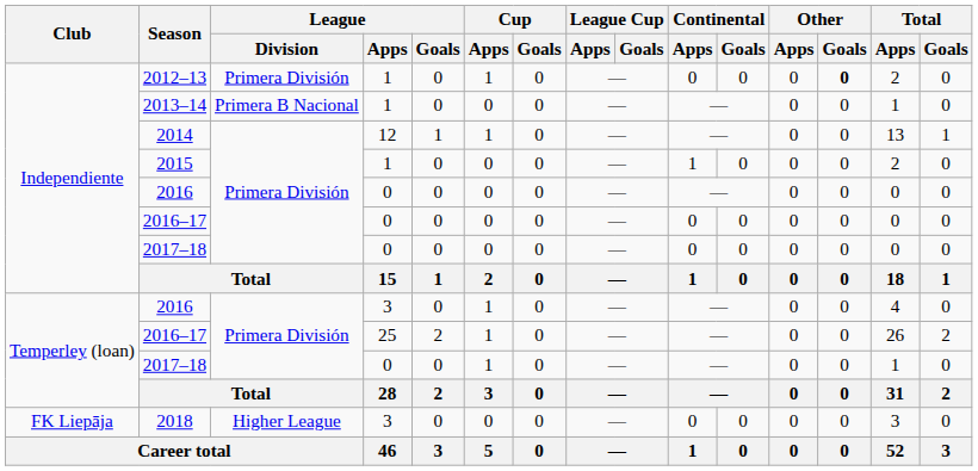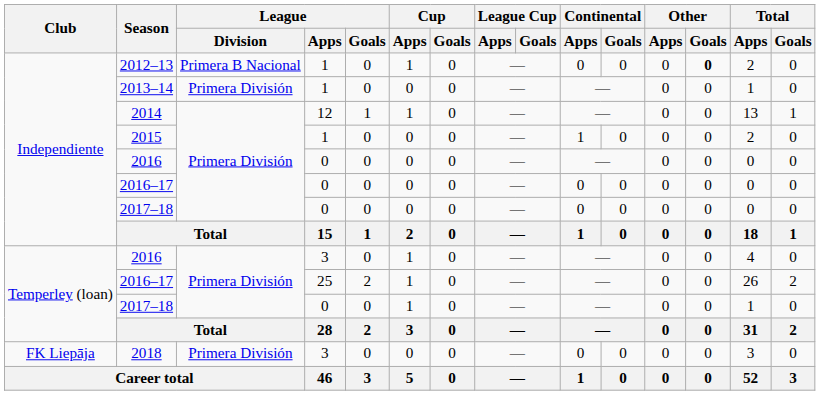 <table class="wikitable" style="text-align:center">
 <tr>
 <th rowspan="2">Club</th>
 <th rowspan="2">Season</th>
 <th colspan="3">League</th>
 <th colspan="2">Cup</th>
 <th colspan="2">League Cup</th>
 <th colspan="2">Continental</th>
 <th colspan="2">Other</th>
 <th colspan="2">Total</th>
 </tr>
 <tr>
 <th>Division</th>
 <th>Apps</th>
 <th>Goals</th>
 <th>Apps</th>
 <th>Goals</th>
 <th>Apps</th>
 <th>Goals</th>
 <th>Apps</th>
 <th>Goals</th>
 <th>Apps</th>
 <th>Goals</th>
 <th>Apps</th>
 <th>Goals</th>
 </tr>
 <tr>
 <td rowspan="8"><a href='#'>Independiente</a></td>
 <td><a href='#'>2012–13</a></td>
-<td rowspan="1"><a href='#'>Primera División</a></td>
+<td rowspan="1"><a href='#'>Primera B Nacional</a></td>
 <td>1</td>
 <td>0</td>
 <td>1</td>
 <td>0</td>
 <td colspan="2">—</td>
 <td>0</td>
 <td>0</td>
 <td>0</td>
 <td><strong>0</strong></td>
 <td>2</td>
 <td>0</td>
 </tr>
 <tr>
 <td><a href='#'>2013–14</a></td>
-<td rowspan="1"><a href='#'>Primera B Nacional</a></td>
+<td rowspan="1"><a href='#'>Primera División</a></td>
 <td>1</td>
 <td>0</td>
 <td>0</td>
 <td>0</td>
 <td colspan="2">—</td>
 <td colspan="2">—</td>
 <td>0</td>
 <td>0</td>
 <td>1</td>
 <td>0</td>
 </tr>
 <tr>
 <td><a href='#'>2014</a></td>
 <td rowspan="5"><a href='#'>Primera División</a></td>
 <td>12</td>
 <td>1</td>
 <td>1</td>
 <td>0</td>
 <td colspan="2">—</td>
 <td colspan="2">—</td>
 <td>0</td>
 <td>0</td>
 <td>13</td>
 <td>1</td>
 </tr>
 <tr>
 <td><a href='#'>2015</a></td>
 <td>1</td>
 <td>0</td>
 <td>0</td>
 <td>0</td>
 <td colspan="2">—</td>
 <td>1</td>
 <td>0</td>
 <td>0</td>
 <td>0</td>
 <td>2</td>
 <td>0</td>
 </tr>
 <tr>
 <td><a href='#'>2016</a></td>
 <td>0</td>
 <td>0</td>
 <td>0</td>
 <td>0</td>
 <td colspan="2">—</td>
 <td colspan="2">—</td>
 <td>0</td>
 <td>0</td>
 <td>0</td>
 <td>0</td>
 </tr>
 <tr>
 <td><a href='#'>2016–17</a></td>
 <td>0</td>
 <td>0</td>
 <td>0</td>
 <td>0</td>
 <td colspan="2">—</td>
 <td>0</td>
 <td>0</td>
 <td>0</td>
 <td>0</td>
 <td>0</td>
 <td>0</td>
 </tr>
 <tr>
 <td><a href='#'>2017–18</a></td>
 <td>0</td>
 <td>0</td>
 <td>0</td>
 <td>0</td>
 <td colspan="2">—</td>
 <td>0</td>
 <td>0</td>
 <td>0</td>
 <td>0</td>
 <td>0</td>
 <td>0</td>
 </tr>
 <tr>
 <th colspan="2">Total</th>
 <th>15</th>
 <th>1</th>
 <th>2</th>
 <th>0</th>
 <th colspan="2">—</th>
 <th>1</th>
 <th>0</th>
 <th>0</th>
 <th>0</th>
 <th>18</th>
 <th>1</th>
 </tr>
 <tr>
 <td rowspan="4"><a href='#'>Temperley</a> (loan)</td>
 <td><a href='#'>2016</a></td>
 <td rowspan="3"><a href='#'>Primera División</a></td>
 <td>3</td>
 <td>0</td>
 <td>1</td>
 <td>0</td>
 <td colspan="2">—</td>
 <td colspan="2">—</td>
 <td>0</td>
 <td>0</td>
 <td>4</td>
 <td>0</td>
 </tr>
 <tr>
 <td><a href='#'>2016–17</a></td>
 <td>25</td>
 <td>2</td>
 <td>1</td>
 <td>0</td>
 <td colspan="2">—</td>
 <td colspan="2">—</td>
 <td>0</td>
 <td>0</td>
 <td>26</td>
 <td>2</td>
 </tr>
 <tr>
 <td><a href='#'>2017–18</a></td>
 <td>0</td>
 <td>0</td>
 <td>1</td>
 <td>0</td>
 <td colspan="2">—</td>
 <td colspan="2">—</td>
 <td>0</td>
 <td>0</td>
 <td>1</td>
 <td>0</td>
 </tr>
 <tr>
 <th colspan="2">Total</th>
 <th>28</th>
 <th>2</th>
 <th>3</th>
 <th>0</th>
 <th colspan="2">—</th>
 <th colspan="2">—</th>
 <th>0</th>
 <th>0</th>
 <th>31</th>
 <th>2</th>
 </tr>
 <tr>
 <td rowspan="1"><a href='#'>FK Liepāja</a></td>
 <td><a href='#'>2018</a></td>
-<td rowspan="1"><a href='#'>Higher League</a></td>
+<td rowspan="1"><a href='#'>Primera División</a></td>
 <td>3</td>
 <td>0</td>
 <td>0</td>
 <td>0</td>
 <td colspan="2">—</td>
 <td>0</td>
 <td>0</td>
 <td>0</td>
 <td>0</td>
 <td>3</td>
 <td>0</td>
 </tr>
 <tr>
 <th colspan="3">Career total</th>
 <th>46</th>
 <th>3</th>
 <th>5</th>
 <th>0</th>
 <th colspan="2">—</th>
 <th>1</th>
 <th>0</th>
 <th>0</th>
 <th>0</th>
 <th>52</th>
 <th>3</th>
 </tr>
 </table>
